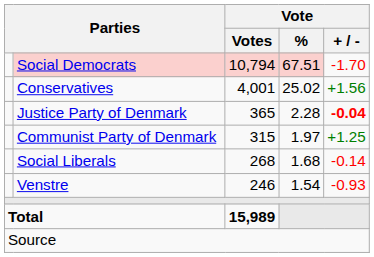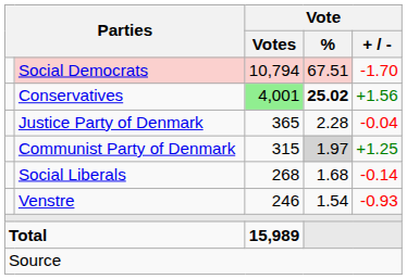 <table class="wikitable" style="text-align:right;">
 <tr>
 <th style="text-align:centre;" rowspan="2" colspan="2" width="225">Parties</th>
 <th colspan="3">Vote</th>
 </tr>
 <tr>
 <th width="15">Votes</th>
 <th width="15">%</th>
 <th width="15">+ / -</th>
 </tr>
 <tr>
 <td width="2" style="color:inherit;background:"></td>
 <td bgcolor=#fbd0ce  align="left"><a href='#'>Social Democrats</a></td>
 <td bgcolor=#fbd0ce>10,794</td>
 <td bgcolor=#fbd0ce>67.51</td>
 <td style=color:red;>-1.70</td>
 </tr>
 <tr>
 <td width="2" style="color:inherit;background:"></td>
 <td align="left"><a href='#'>Conservatives</a></td>
-<td>4,001</td>
-<td>25.02</td>
+<td style="background: lightgreen;">4,001</td>
+<td><strong>25.02</strong></td>
 <td style=color:green;>+1.56</td>
 </tr>
 <tr>
 <td width="2" style="color:inherit;background:"></td>
 <td align="left"><a href='#'>Justice Party of Denmark</a></td>
 <td>365</td>
 <td>2.28</td>
-<td style=color:red;><strong>-0.04</strong></td>
+<td style=color:red;>-0.04</td>
 </tr>
 <tr>
 <td width="2" style="color:inherit;background:"></td>
 <td align="left"><a href='#'>Communist Party of Denmark</a></td>
 <td>315</td>
-<td>1.97</td>
+<td style="background: lightgrey;">1.97</td>
 <td style=color:green;>+1.25</td>
 </tr>
 <tr>
 <td width="2" style="color:inherit;background:"></td>
 <td align="left"><a href='#'>Social Liberals</a></td>
 <td>268</td>
 <td>1.68</td>
 <td style=color:red;>-0.14</td>
 </tr>
 <tr>
 <td width="2" style="color:inherit;background:"></td>
 <td align="left"><a href='#'>Venstre</a></td>
 <td>246</td>
 <td>1.54</td>
 <td style=color:red;>-0.93</td>
 </tr>
 <tr>
 <td colspan="7" bgcolor="#E9E9E9"></td>
 </tr>
 <tr>
 <td align="left" colspan="2"><strong>Total</strong></td>
 <td><strong>15,989</strong></td>
 <td bgcolor="#E9E9E9" colspan="2"></td>
 </tr>
 <tr>
 <td align="left" colspan="6">Source</td>
 </tr>
 </table>
